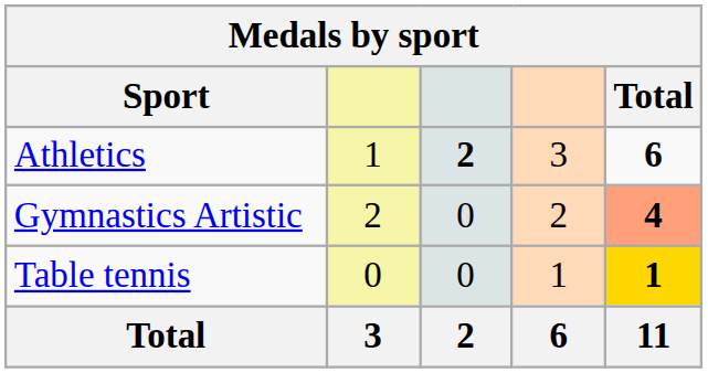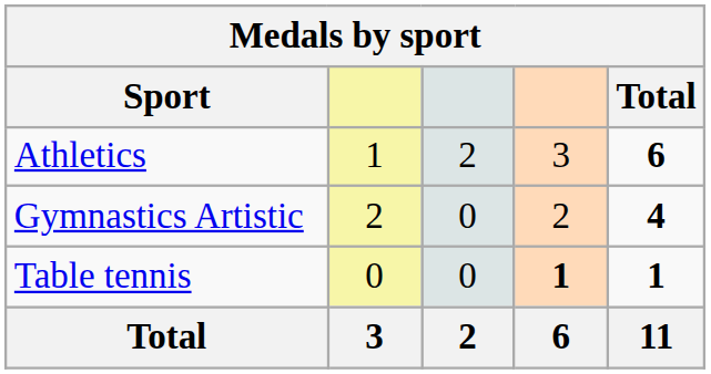 <table class="wikitable" style="font-size:90%; text-align:center;">
 <tr>
 <th colspan=5>Medals by sport</th>
 </tr>
 <tr>
 <th width=120>Sport</th>
 <th scope="col" width=30 style="background:#F7F6A8;"></th>
 <th scope="col" width=30 style="background:#DCE5E5;"></th>
 <th scope="col" width=30 style="background:#FFDAB9;"></th>
 <th width=30>Total</th>
 </tr>
 <tr>
 <td align=left><a href='#'>Athletics</a></td>
 <td style="background:#F7F6A8;">1</td>
-<td style="background:#DCE5E5;"><strong>2</strong></td>
+<td style="background:#DCE5E5;">2</td>
 <td style="background:#FFDAB9;">3</td>
 <td><strong>6</strong></td>
 </tr>
 <tr>
 <td align=left><a href='#'>Gymnastics Artistic</a></td>
 <td style="background:#F7F6A8;">2</td>
 <td style="background:#DCE5E5;">0</td>
 <td style="background:#FFDAB9;">2</td>
-<td style="background: lightsalmon;"><strong>4</strong></td>
+<td><strong>4</strong></td>
 </tr>
 <tr>
 <td align=left><a href='#'>Table tennis</a></td>
 <td style="background:#F7F6A8;">0</td>
 <td style="background:#DCE5E5;">0</td>
-<td style="background:#FFDAB9;">1</td>
-<td style="background: gold;"><strong>1</strong></td>
+<td style="background:#FFDAB9;"><strong>1</strong></td>
+<td><strong>1</strong></td>
 </tr>
 <tr class="sortbottom">
 <th>Total</th>
 <th>3</th>
 <th>2</th>
 <th>6</th>
 <th>11</th>
 </tr>
 </table>
